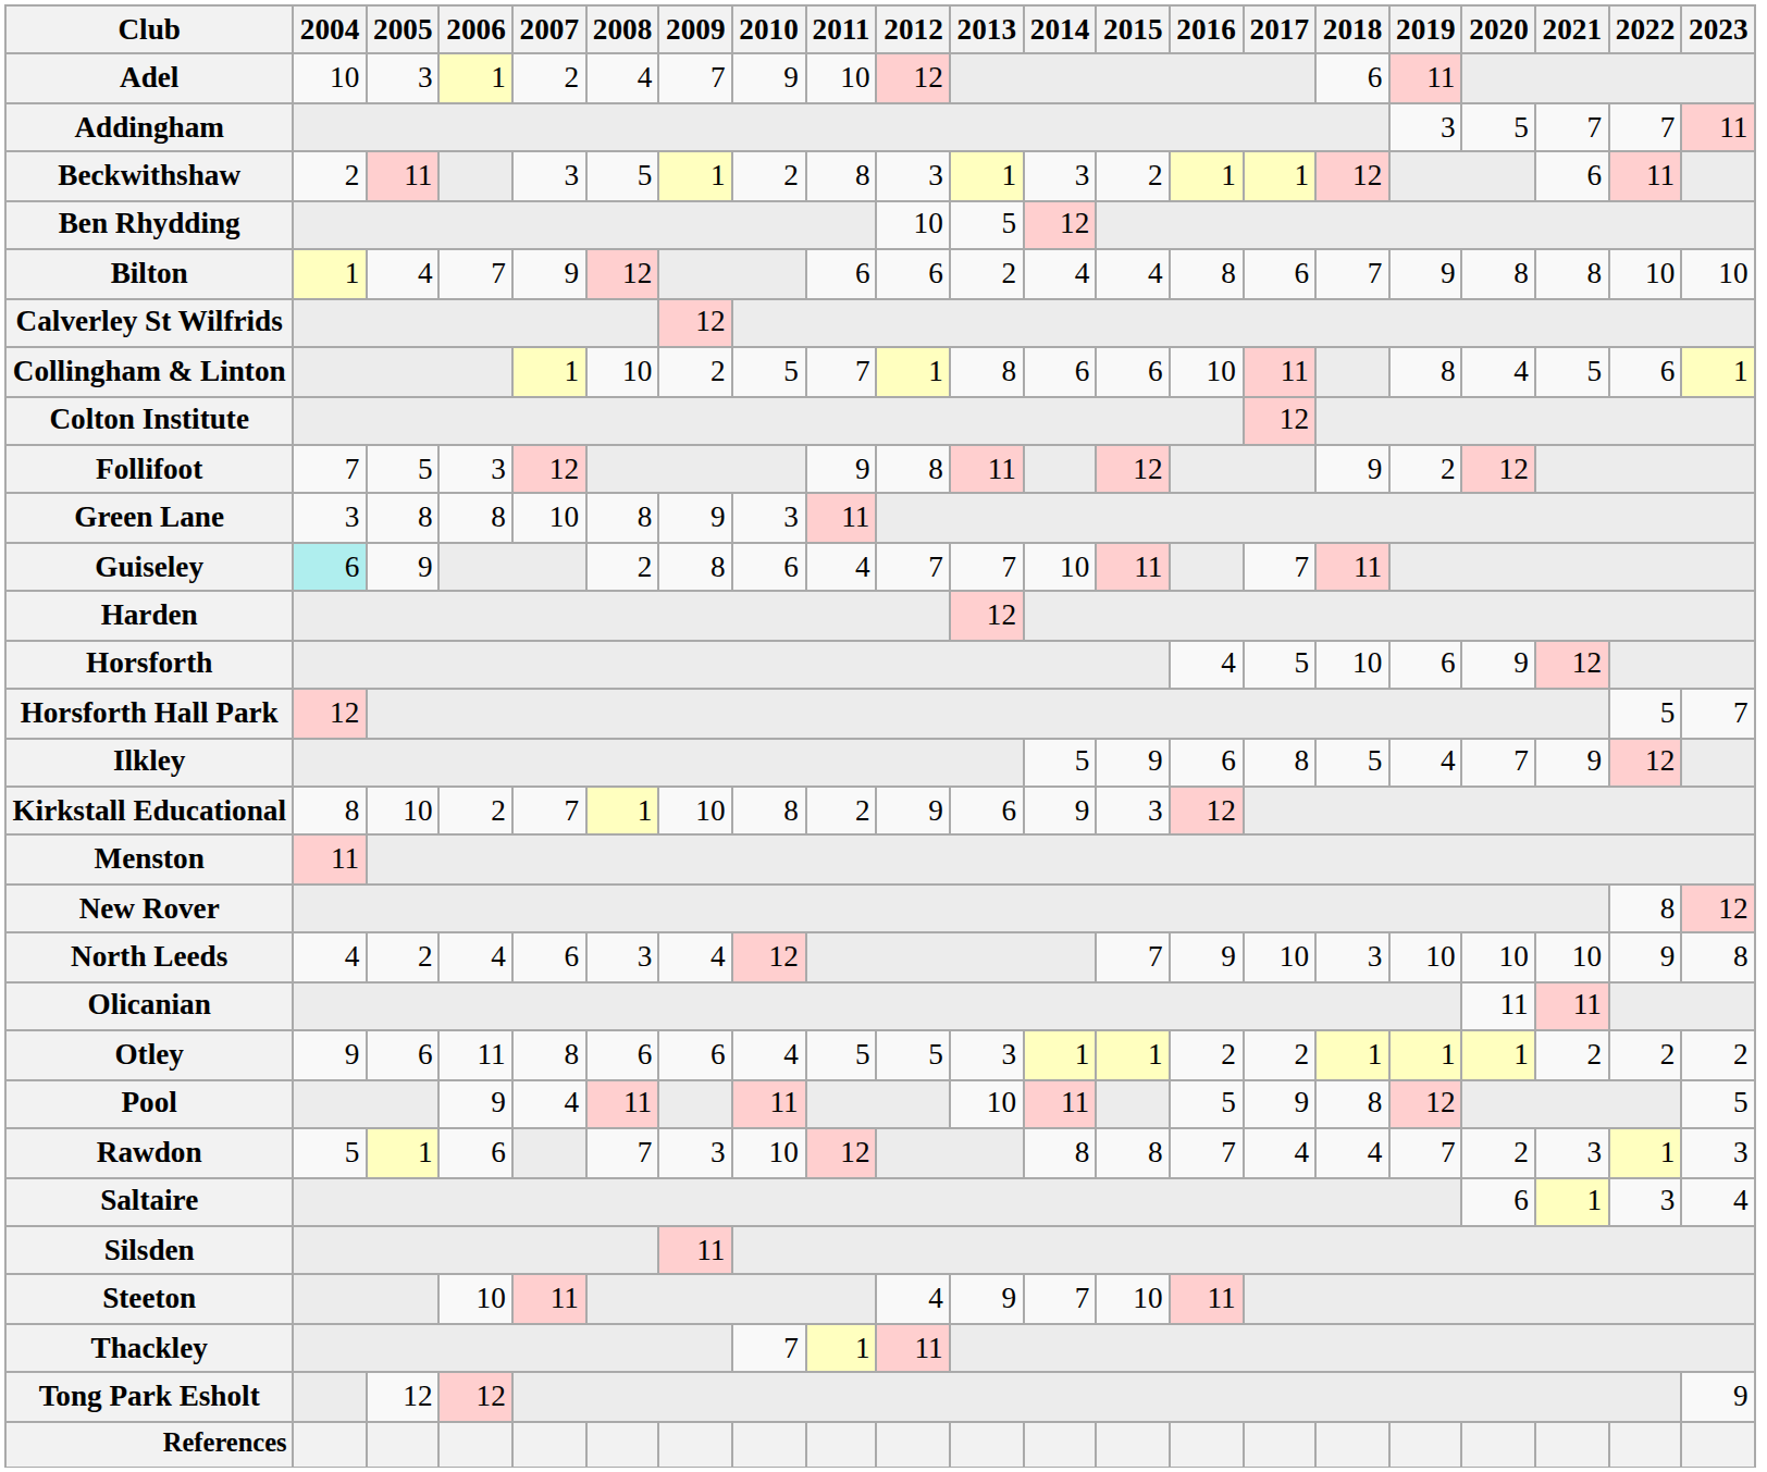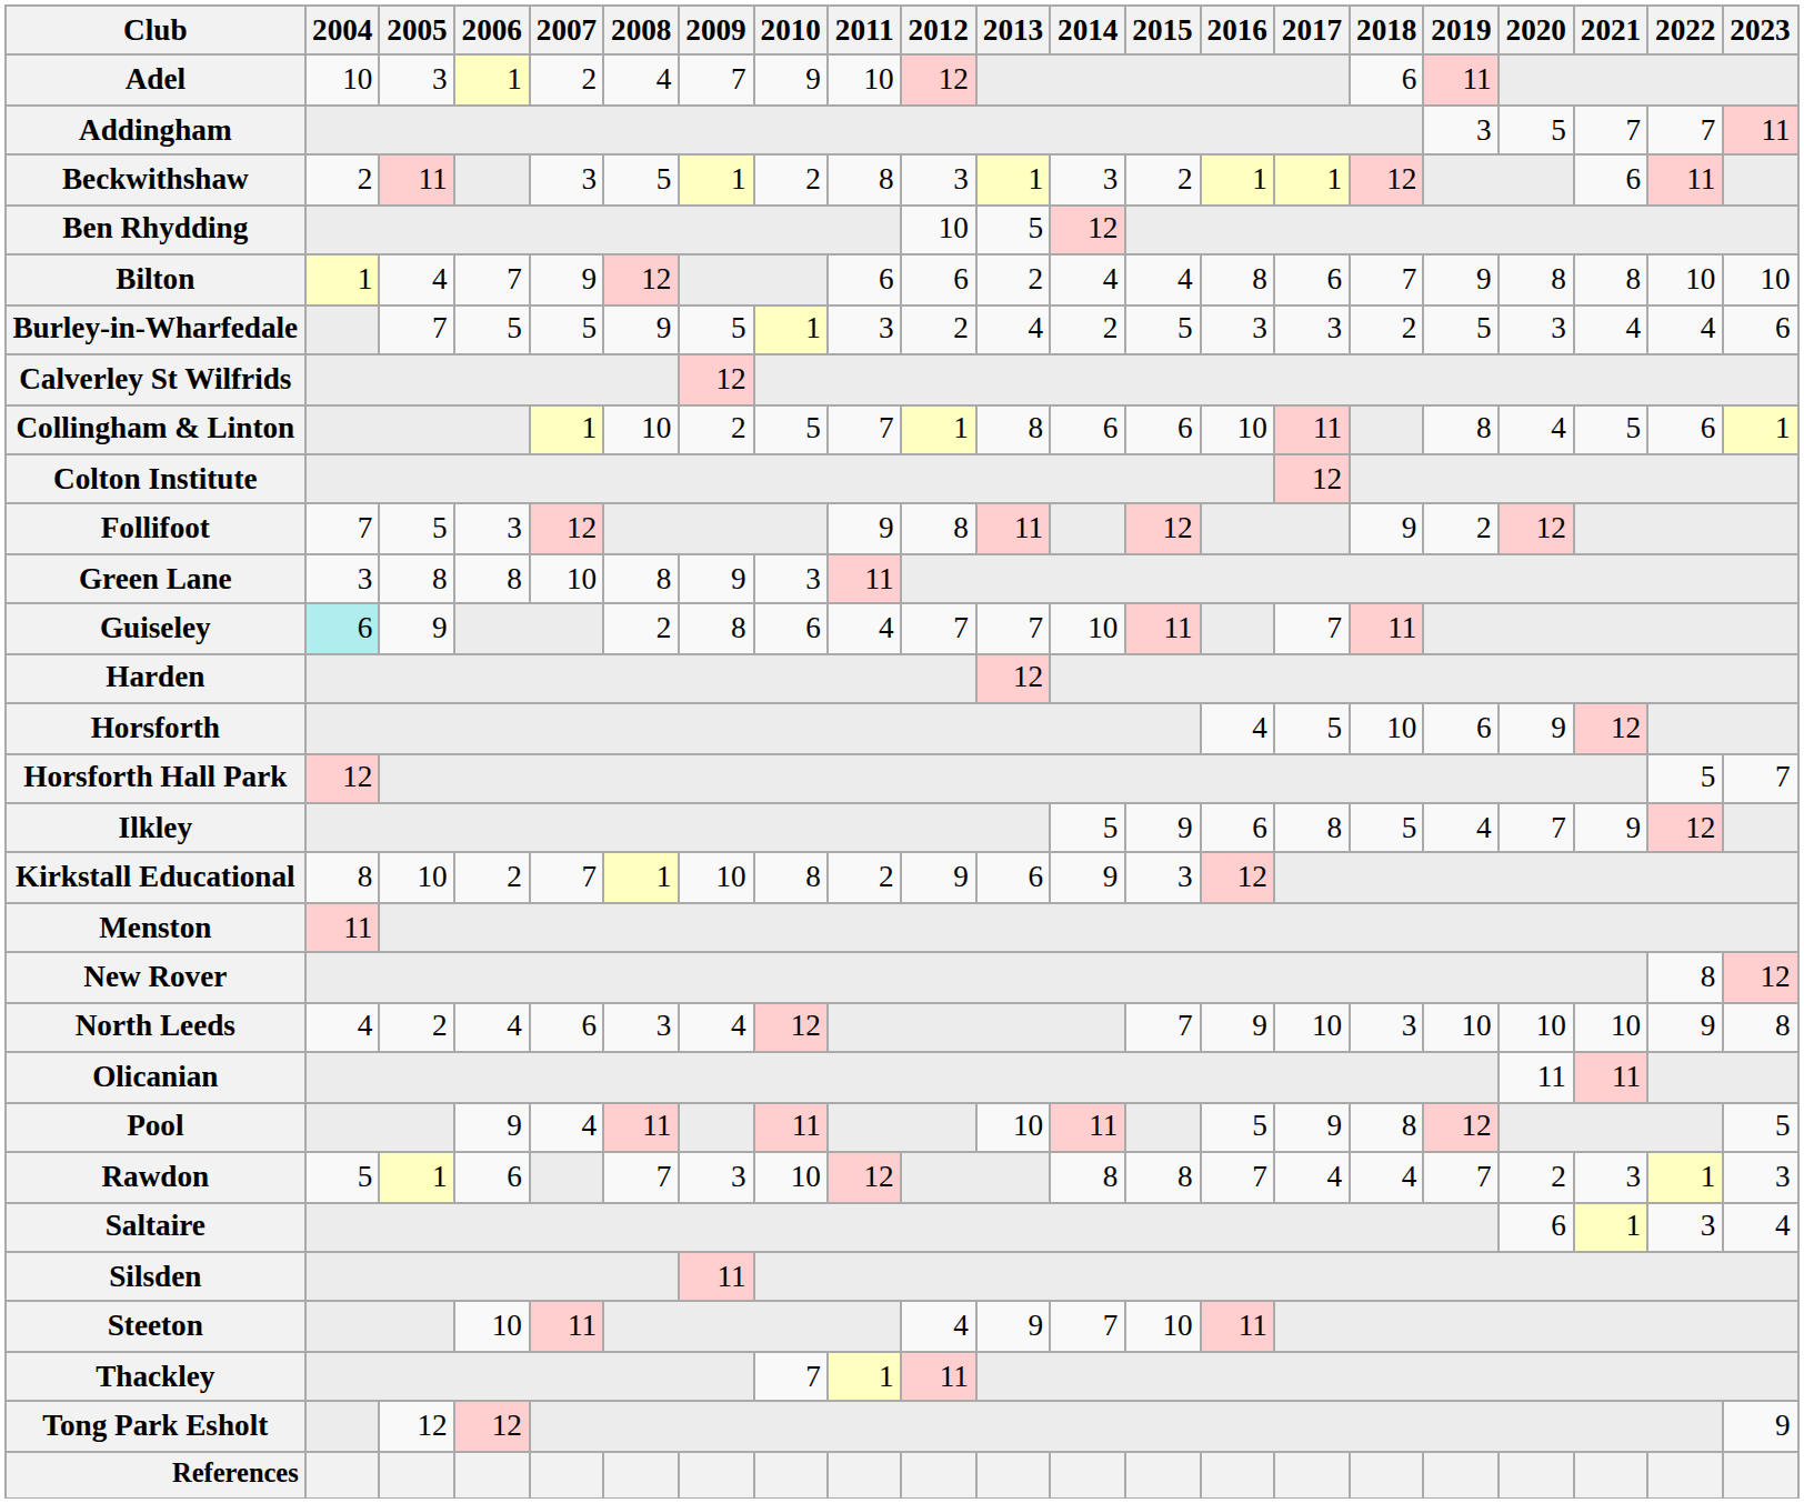 <table class="wikitable plainrowheaders" style="font-size:85%; text-align: right;">
 <tr>
 <th scope="col">Club</th>
 <th scope="col">2004</th>
 <th scope="col">2005</th>
 <th scope="col">2006</th>
 <th scope="col">2007</th>
 <th scope="col">2008</th>
 <th scope="col">2009</th>
 <th scope="col">2010</th>
 <th scope="col">2011</th>
 <th scope="col">2012</th>
 <th scope="col">2013</th>
 <th scope="col">2014</th>
 <th scope="col">2015</th>
 <th scope="col">2016</th>
 <th scope="col">2017</th>
 <th scope="col">2018</th>
 <th scope="col">2019</th>
 <th scope="col">2020</th>
 <th scope="col">2021</th>
 <th scope="col">2022</th>
 <th scope="col">2023</th>
 </tr>
 <tr>
 <th scope="row">Adel</th>
 <td>10</td>
 <td>3</td>
 <td bgcolor="#ffffbf">1</td>
 <td>2</td>
 <td>4</td>
 <td>7</td>
 <td>9</td>
 <td>10</td>
 <td bgcolor="#ffcfcf">12</td>
 <td bgcolor="#ececec" colspan="5"></td>
 <td>6</td>
 <td bgcolor="#ffcfcf">11</td>
 <td bgcolor="#ececec" colspan="4"></td>
 </tr>
 <tr>
 <th scope="row">Addingham</th>
 <td bgcolor="#ececec" colspan="15"></td>
 <td>3</td>
 <td>5</td>
 <td>7</td>
 <td>7</td>
 <td bgcolor="#ffcfcf">11</td>
 </tr>
 <tr>
 <th scope="row">Beckwithshaw</th>
 <td>2</td>
 <td bgcolor="#ffcfcf">11</td>
 <td bgcolor="#ececec"></td>
 <td>3</td>
 <td>5</td>
 <td bgcolor="#ffffbf">1</td>
 <td>2</td>
 <td>8</td>
 <td>3</td>
 <td bgcolor="#ffffbf">1</td>
 <td>3</td>
 <td>2</td>
 <td bgcolor="#ffffbf">1</td>
 <td bgcolor="#ffffbf">1</td>
 <td bgcolor="#ffcfcf">12</td>
 <td bgcolor="#ececec" colspan="2"></td>
 <td>6</td>
 <td bgcolor="#ffcfcf">11</td>
 <td bgcolor="#ececec" colspan="1"></td>
 </tr>
 <tr>
 <th scope="row">Ben Rhydding</th>
 <td bgcolor="#ececec" colspan="8"></td>
 <td>10</td>
 <td>5</td>
 <td bgcolor="#ffcfcf">12</td>
 <td bgcolor="#ececec" colspan="9"></td>
 </tr>
 <tr>
 <th scope="row">Bilton</th>
 <td bgcolor="#ffffbf">1</td>
 <td>4</td>
 <td>7</td>
 <td>9</td>
 <td bgcolor="#ffcfcf">12</td>
 <td bgcolor="#ececec" colspan="2"></td>
 <td>6</td>
 <td>6</td>
 <td>2</td>
 <td>4</td>
 <td>4</td>
 <td>8</td>
 <td>6</td>
 <td>7</td>
 <td>9</td>
 <td>8</td>
 <td>8</td>
 <td>10</td>
 <td>10</td>
+</tr>
+<tr>
+<th scope="row">Burley-in-Wharfedale</th>
+<td bgcolor="#ececec"></td>
+<td>7</td>
+<td>5</td>
+<td>5</td>
+<td>9</td>
+<td>5</td>
+<td bgcolor="#ffffbf">1</td>
+<td>3</td>
+<td>2</td>
+<td>4</td>
+<td>2</td>
+<td>5</td>
+<td>3</td>
+<td>3</td>
+<td>2</td>
+<td>5</td>
+<td>3</td>
+<td>4</td>
+<td>4</td>
+<td>6</td>
 </tr>
 <tr>
 <th scope="row">Calverley St Wilfrids</th>
 <td bgcolor="#ececec" colspan="5"></td>
 <td bgcolor="#ffcfcf">12</td>
 <td bgcolor="#ececec" colspan="14"></td>
 </tr>
 <tr>
 <th scope="row">Collingham & Linton</th>
 <td bgcolor="#ececec" colspan="3"></td>
 <td bgcolor="#ffffbf">1</td>
 <td>10</td>
 <td>2</td>
 <td>5</td>
 <td>7</td>
 <td bgcolor="#ffffbf">1</td>
 <td>8</td>
 <td>6</td>
 <td>6</td>
 <td>10</td>
 <td bgcolor="#ffcfcf">11</td>
 <td bgcolor="#ececec"></td>
 <td>8</td>
 <td>4</td>
 <td>5</td>
 <td>6</td>
 <td bgcolor="#ffffbf">1</td>
 </tr>
 <tr>
 <th scope="row">Colton Institute</th>
 <td bgcolor="#ececec" colspan="13"></td>
 <td bgcolor="#ffcfcf">12</td>
 <td bgcolor="#ececec" colspan="6"></td>
 </tr>
 <tr>
 <th scope="row">Follifoot</th>
 <td>7</td>
 <td>5</td>
 <td>3</td>
 <td bgcolor="#ffcfcf">12</td>
 <td bgcolor="#ececec" colspan="3"></td>
 <td>9</td>
 <td>8</td>
 <td bgcolor="#ffcfcf">11</td>
 <td bgcolor="#ececec"></td>
 <td bgcolor="#ffcfcf">12</td>
 <td bgcolor="#ececec" colspan="2"></td>
 <td>9</td>
 <td>2</td>
 <td bgcolor="#ffcfcf">12</td>
 <td bgcolor="#ececec" colspan="3"></td>
 </tr>
 <tr>
 <th scope="row">Green Lane</th>
 <td>3</td>
 <td>8</td>
 <td>8</td>
 <td>10</td>
 <td>8</td>
 <td>9</td>
 <td>3</td>
 <td bgcolor="#ffcfcf">11</td>
 <td bgcolor="#ececec" colspan="12"></td>
 </tr>
 <tr>
 <th scope="row">Guiseley</th>
 <td style="background: paleturquoise;">6</td>
 <td>9</td>
 <td bgcolor="#ececec" colspan="2"></td>
 <td>2</td>
 <td>8</td>
 <td>6</td>
 <td>4</td>
 <td>7</td>
 <td>7</td>
 <td>10</td>
 <td bgcolor="#ffcfcf">11</td>
 <td bgcolor="#ececec"></td>
 <td>7</td>
 <td bgcolor="#ffcfcf">11</td>
 <td bgcolor="#ececec" colspan="5"></td>
 </tr>
 <tr>
 <th scope="row">Harden</th>
 <td bgcolor="#ececec" colspan="9"></td>
 <td bgcolor="#ffcfcf">12</td>
 <td bgcolor="#ececec" colspan="10"></td>
 </tr>
 <tr>
 <th scope="row">Horsforth</th>
 <td bgcolor="#ececec" colspan="12"></td>
 <td>4</td>
 <td>5</td>
 <td>10</td>
 <td>6</td>
 <td>9</td>
 <td bgcolor="#ffcfcf">12</td>
 <td bgcolor="#ececec" colspan="2"></td>
 </tr>
 <tr>
 <th scope="row">Horsforth Hall Park</th>
 <td bgcolor="#ffcfcf">12</td>
 <td bgcolor="#ececec" colspan="17"></td>
 <td>5</td>
 <td>7</td>
 </tr>
 <tr>
 <th scope="row">Ilkley</th>
 <td bgcolor="#ececec" colspan="10"></td>
 <td>5</td>
 <td>9</td>
 <td>6</td>
 <td>8</td>
 <td>5</td>
 <td>4</td>
 <td>7</td>
 <td>9</td>
 <td bgcolor="#ffcfcf">12</td>
 <td bgcolor="#ececec" colspan="1"></td>
 </tr>
 <tr>
 <th scope="row">Kirkstall Educational</th>
 <td>8</td>
 <td>10</td>
 <td>2</td>
 <td>7</td>
 <td bgcolor="#ffffbf">1</td>
 <td>10</td>
 <td>8</td>
 <td>2</td>
 <td>9</td>
 <td>6</td>
 <td>9</td>
 <td>3</td>
 <td bgcolor="#ffcfcf">12</td>
 <td bgcolor="#ececec" colspan="7"></td>
 </tr>
 <tr>
 <th scope="row">Menston</th>
 <td bgcolor="#ffcfcf">11</td>
 <td bgcolor="#ececec" colspan="19"></td>
 </tr>
 <tr>
 <th scope="row">New Rover</th>
 <td bgcolor="#ececec" colspan="18"></td>
 <td>8</td>
 <td bgcolor="#ffcfcf">12</td>
 </tr>
 <tr>
 <th scope="row">North Leeds</th>
 <td>4</td>
 <td>2</td>
 <td>4</td>
 <td>6</td>
 <td>3</td>
 <td>4</td>
 <td bgcolor="#ffcfcf">12</td>
 <td bgcolor="#ececec" colspan="4"></td>
 <td>7</td>
 <td>9</td>
 <td>10</td>
 <td>3</td>
 <td>10</td>
 <td>10</td>
 <td>10</td>
 <td>9</td>
 <td>8</td>
 </tr>
 <tr>
 <th scope="row">Olicanian</th>
 <td bgcolor="#ececec" colspan="16"></td>
 <td>11</td>
 <td bgcolor="#ffcfcf">11</td>
 <td bgcolor="#ececec" colspan="2"></td>
 </tr>
 <tr>
-<th scope="row">Otley</th>
-<td>9</td>
-<td>6</td>
-<td>11</td>
-<td>8</td>
-<td>6</td>
-<td>6</td>
-<td>4</td>
-<td>5</td>
-<td>5</td>
-<td>3</td>
-<td bgcolor="#ffffbf">1</td>
-<td bgcolor="#ffffbf">1</td>
-<td>2</td>
-<td>2</td>
-<td bgcolor="#ffffbf">1</td>
-<td bgcolor="#ffffbf">1</td>
-<td bgcolor="#ffffbf">1</td>
-<td>2</td>
-<td>2</td>
-<td>2</td>
-</tr>
-<tr>
 <th scope="row">Pool</th>
 <td bgcolor="#ececec" colspan="2"></td>
 <td>9</td>
 <td>4</td>
 <td bgcolor="#ffcfcf">11</td>
 <td bgcolor="#ececec"></td>
 <td bgcolor="#ffcfcf">11</td>
 <td bgcolor="#ececec" colspan="2"></td>
 <td>10</td>
 <td bgcolor="#ffcfcf">11</td>
 <td bgcolor="#ececec" colspan="1"></td>
 <td>5</td>
 <td>9</td>
 <td>8</td>
 <td bgcolor="#ffcfcf">12</td>
 <td bgcolor="#ececec" colspan="3"></td>
 <td>5</td>
 </tr>
 <tr>
 <th scope="row">Rawdon</th>
 <td>5</td>
 <td bgcolor="#ffffbf">1</td>
 <td>6</td>
 <td bgcolor="#ececec"></td>
 <td>7</td>
 <td>3</td>
 <td>10</td>
 <td bgcolor="#ffcfcf">12</td>
 <td bgcolor="#ececec" colspan="2"></td>
 <td>8</td>
 <td>8</td>
 <td>7</td>
 <td>4</td>
 <td>4</td>
 <td>7</td>
 <td>2</td>
 <td>3</td>
 <td bgcolor="#ffffbf">1</td>
 <td>3</td>
 </tr>
 <tr>
 <th scope="row">Saltaire</th>
 <td bgcolor="#ececec" colspan="16"></td>
 <td>6</td>
 <td bgcolor="#ffffbf">1</td>
 <td>3</td>
 <td>4</td>
 </tr>
 <tr>
 <th scope="row">Silsden</th>
 <td bgcolor="#ececec" colspan="5"></td>
 <td bgcolor="#ffcfcf">11</td>
 <td bgcolor="#ececec" colspan="14"></td>
 </tr>
 <tr>
 <th scope="row">Steeton</th>
 <td bgcolor="#ececec" colspan="2"></td>
 <td>10</td>
 <td bgcolor="#ffcfcf">11</td>
 <td bgcolor="#ececec" colspan="4"></td>
 <td>4</td>
 <td>9</td>
 <td>7</td>
 <td>10</td>
 <td bgcolor="#ffcfcf">11</td>
 <td bgcolor="#ececec" colspan="7"></td>
 </tr>
 <tr>
 <th scope="row">Thackley</th>
 <td bgcolor="#ececec" colspan="6"></td>
 <td>7</td>
 <td bgcolor="#ffffbf">1</td>
 <td bgcolor="#ffcfcf">11</td>
 <td bgcolor="#ececec" colspan="11"></td>
 </tr>
 <tr>
 <th scope="row">Tong Park Esholt</th>
 <td bgcolor="#ececec"></td>
 <td>12</td>
 <td bgcolor="#ffcfcf">12</td>
 <td bgcolor="#ececec" colspan="16"></td>
 <td>9</td>
 </tr>
 <tr style="font-size:90%; text-align:center">
 <th scope="row" style="text-align: right">References</th>
 <th scope="col"></th>
 <th scope="col"></th>
 <th scope="col"></th>
 <th scope="col"></th>
 <th scope="col"></th>
 <th scope="col"></th>
 <th scope="col"></th>
 <th scope="col"></th>
 <th scope="col"></th>
 <th scope="col"></th>
 <th scope="col"></th>
 <th scope="col"></th>
 <th scope="col"></th>
 <th scope="col"></th>
 <th scope="col"></th>
 <th scope="col"></th>
 <th scope="col"></th>
 <th scope="col"></th>
 <th scope="col"></th>
 <th scope="col"></th>
 </tr>
 </table>
